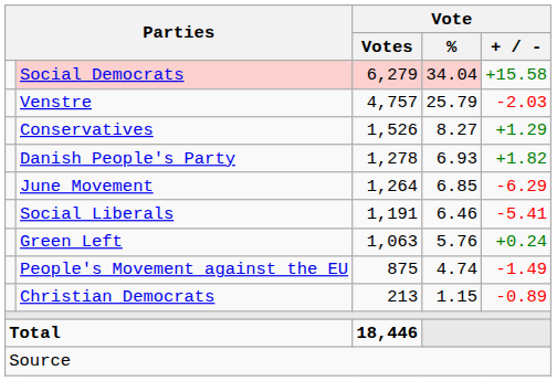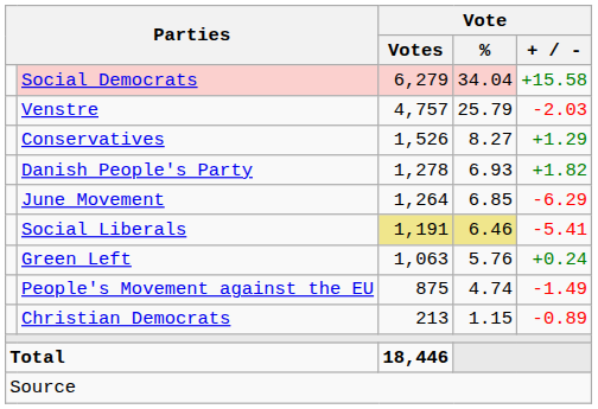 <table class="wikitable" style="text-align:right;">
 <tr>
 <th style="text-align:centre;" rowspan="2" colspan="2" width="225">Parties</th>
 <th colspan="3">Vote</th>
 </tr>
 <tr>
 <th width="15">Votes</th>
 <th width="15">%</th>
 <th width="15">+ / -</th>
 </tr>
 <tr>
 <td width="2" style="color:inherit;background:"></td>
 <td bgcolor=#fbd0ce   align="left"><a href='#'>Social Democrats</a></td>
 <td bgcolor=#fbd0ce>6,279</td>
 <td bgcolor=#fbd0ce>34.04</td>
 <td style=color:green;>+15.58</td>
 </tr>
 <tr>
 <td width="2" style="color:inherit;background:"></td>
 <td align="left"><a href='#'>Venstre</a></td>
 <td>4,757</td>
 <td>25.79</td>
 <td style=color:red;>-2.03</td>
 </tr>
 <tr>
 <td width="2" style="color:inherit;background:"></td>
 <td align="left"><a href='#'>Conservatives</a></td>
 <td>1,526</td>
 <td>8.27</td>
 <td style=color:green;>+1.29</td>
 </tr>
 <tr>
 <td width="2" style="color:inherit;background:"></td>
 <td align="left"><a href='#'>Danish People's Party</a></td>
 <td>1,278</td>
 <td>6.93</td>
 <td style=color:green;>+1.82</td>
 </tr>
 <tr>
 <td width="2" style="color:inherit;background:"></td>
 <td align="left"><a href='#'>June Movement</a></td>
 <td>1,264</td>
 <td>6.85</td>
 <td style=color:red;>-6.29</td>
 </tr>
 <tr>
 <td width="2" style="color:inherit;background:"></td>
 <td align="left"><a href='#'>Social Liberals</a></td>
-<td>1,191</td>
-<td>6.46</td>
+<td style="background: khaki;">1,191</td>
+<td style="background: khaki;">6.46</td>
 <td style=color:red;>-5.41</td>
 </tr>
 <tr>
 <td width="2" style="color:inherit;background:"></td>
 <td align="left"><a href='#'>Green Left</a></td>
 <td>1,063</td>
 <td>5.76</td>
 <td style=color:green;>+0.24</td>
 </tr>
 <tr>
 <td width="2" style="color:inherit;background:"></td>
 <td align="left"><a href='#'>People's Movement against the EU</a></td>
 <td>875</td>
 <td>4.74</td>
 <td style=color:red;>-1.49</td>
 </tr>
 <tr>
 <td width="2" style="color:inherit;background:"></td>
 <td align="left"><a href='#'>Christian Democrats</a></td>
 <td>213</td>
 <td>1.15</td>
 <td style=color:red;>-0.89</td>
 </tr>
 <tr>
 <td colspan="7" bgcolor="#E9E9E9"></td>
 </tr>
 <tr>
 <td align="left" colspan="2"><strong>Total</strong></td>
 <td><strong>18,446</strong></td>
 <td bgcolor="#E9E9E9" colspan="2"></td>
 </tr>
 <tr>
 <td align="left" colspan="6">Source</td>
 </tr>
 </table>
